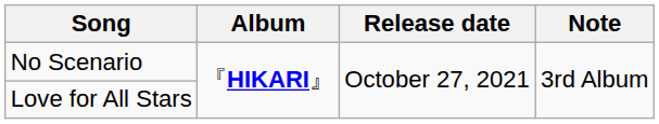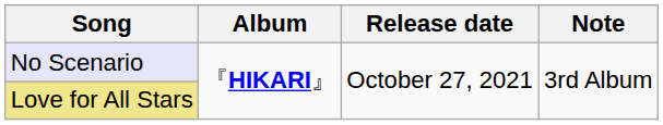 <table class="wikitable">
 <tr>
 <th>Song</th>
 <th>Album</th>
 <th>Release date</th>
 <th>Note</th>
 </tr>
 <tr>
-<td>No Scenario</td>
+<td style="background: lavender;">No Scenario</td>
 <td rowspan="2">『<strong><a href='#'>HIKARI</a></strong>』</td>
 <td rowspan="2">October 27, 2021</td>
 <td rowspan="2">3rd Album</td>
 </tr>
 <tr>
-<td>Love for All Stars</td>
+<td style="background: khaki;">Love for All Stars</td>
 </tr>
 </table>
